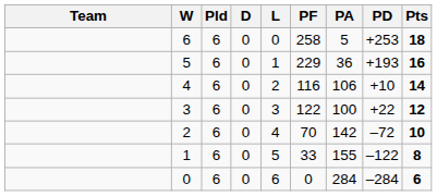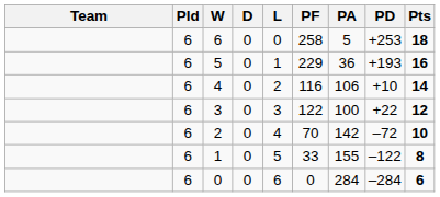 <table class="wikitable" style="text-align:center;">
 <tr>
 <th width=175>Team</th>
+<th width=25 abbr="Played">Pld</th>
 <th width=25 abbr="Won">W</th>
-<th width=25 abbr="Played">Pld</th>
 <th width=25 abbr="Drawn">D</th>
 <th width=25 abbr="Lost">L</th>
 <th width=32 abbr="Points for">PF</th>
 <th width=32 abbr="Points against">PA</th>
 <th width=32 abbr="Points difference">PD</th>
 <th width=25 abbr="Points">Pts</th>
 </tr>
 <tr>
 <td align=left></td>
 <td>6</td>
 <td>6</td>
 <td>0</td>
 <td>0</td>
 <td>258</td>
 <td>5</td>
 <td>+253</td>
 <td><strong>18</strong></td>
 </tr>
 <tr>
 <td align=left></td>
+<td>6</td>
 <td>5</td>
-<td>6</td>
 <td>0</td>
 <td>1</td>
 <td>229</td>
 <td>36</td>
 <td>+193</td>
 <td><strong>16</strong></td>
 </tr>
 <tr>
 <td align=left></td>
+<td>6</td>
 <td>4</td>
-<td>6</td>
 <td>0</td>
 <td>2</td>
 <td>116</td>
 <td>106</td>
 <td>+10</td>
 <td><strong>14</strong></td>
 </tr>
 <tr>
 <td align=left></td>
+<td>6</td>
 <td>3</td>
-<td>6</td>
 <td>0</td>
 <td>3</td>
 <td>122</td>
 <td>100</td>
 <td>+22</td>
 <td><strong>12</strong></td>
 </tr>
 <tr>
 <td align=left></td>
+<td>6</td>
 <td>2</td>
-<td>6</td>
 <td>0</td>
 <td>4</td>
 <td>70</td>
 <td>142</td>
 <td>–72</td>
 <td><strong>10</strong></td>
 </tr>
 <tr>
 <td align=left></td>
+<td>6</td>
 <td>1</td>
-<td>6</td>
 <td>0</td>
 <td>5</td>
 <td>33</td>
 <td>155</td>
 <td>–122</td>
 <td><strong>8</strong></td>
 </tr>
 <tr>
 <td align=left></td>
+<td>6</td>
 <td>0</td>
-<td>6</td>
 <td>0</td>
 <td>6</td>
 <td>0</td>
 <td>284</td>
 <td>–284</td>
 <td><strong>6</strong></td>
 </tr>
 </table>
